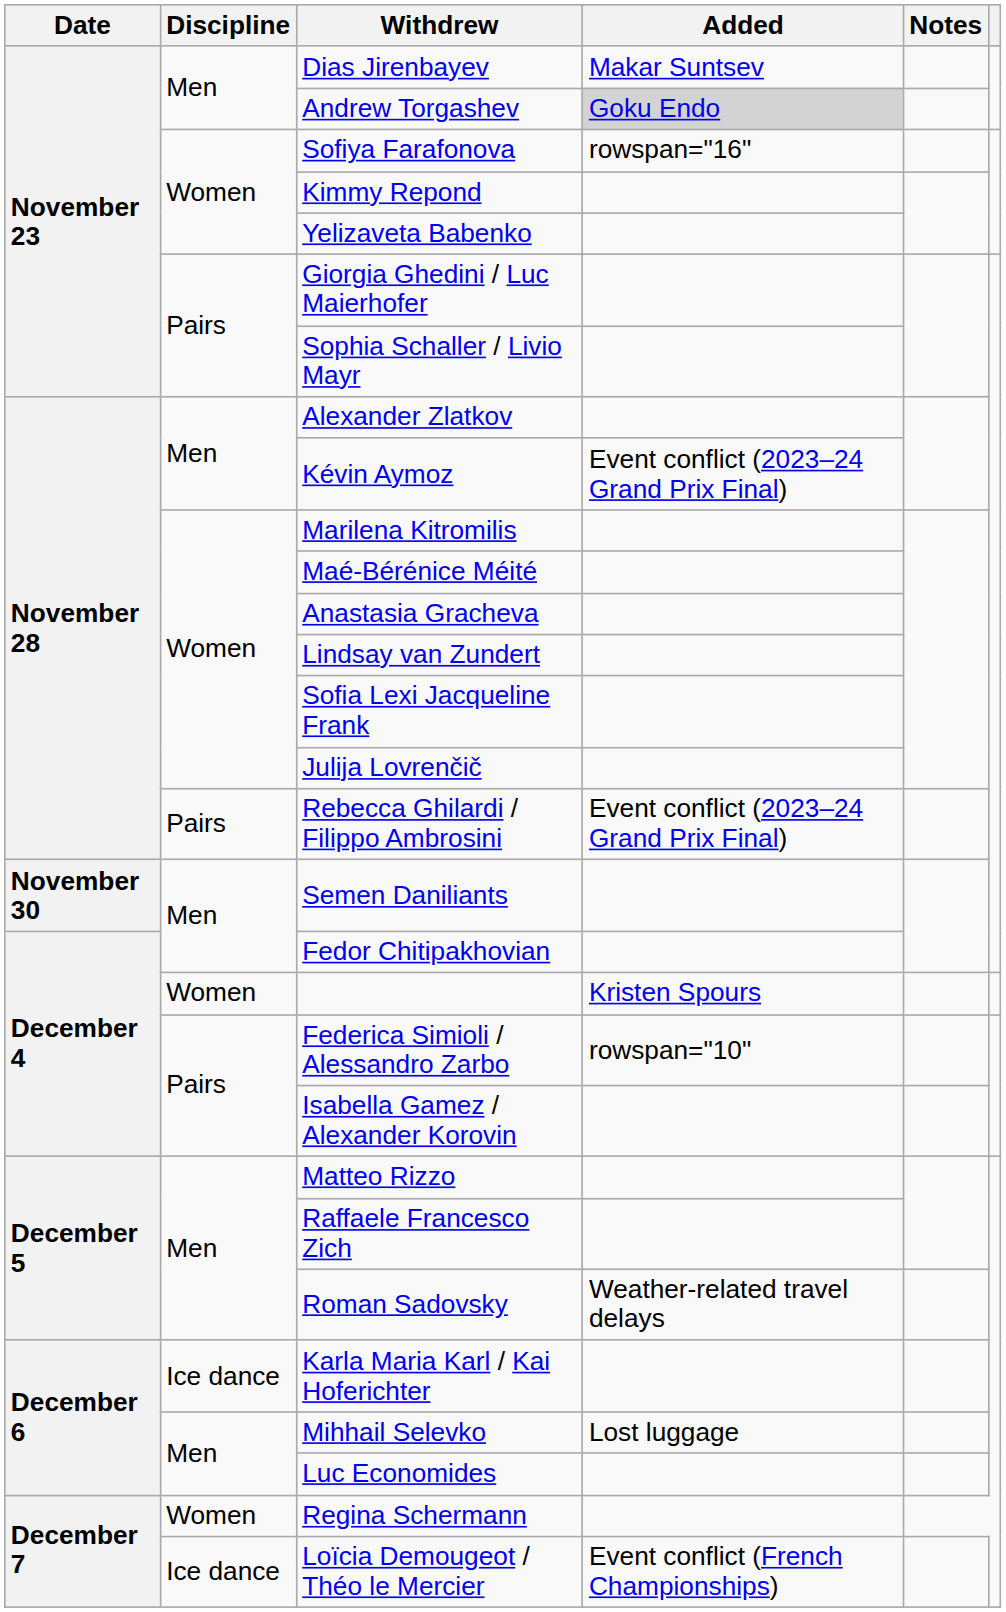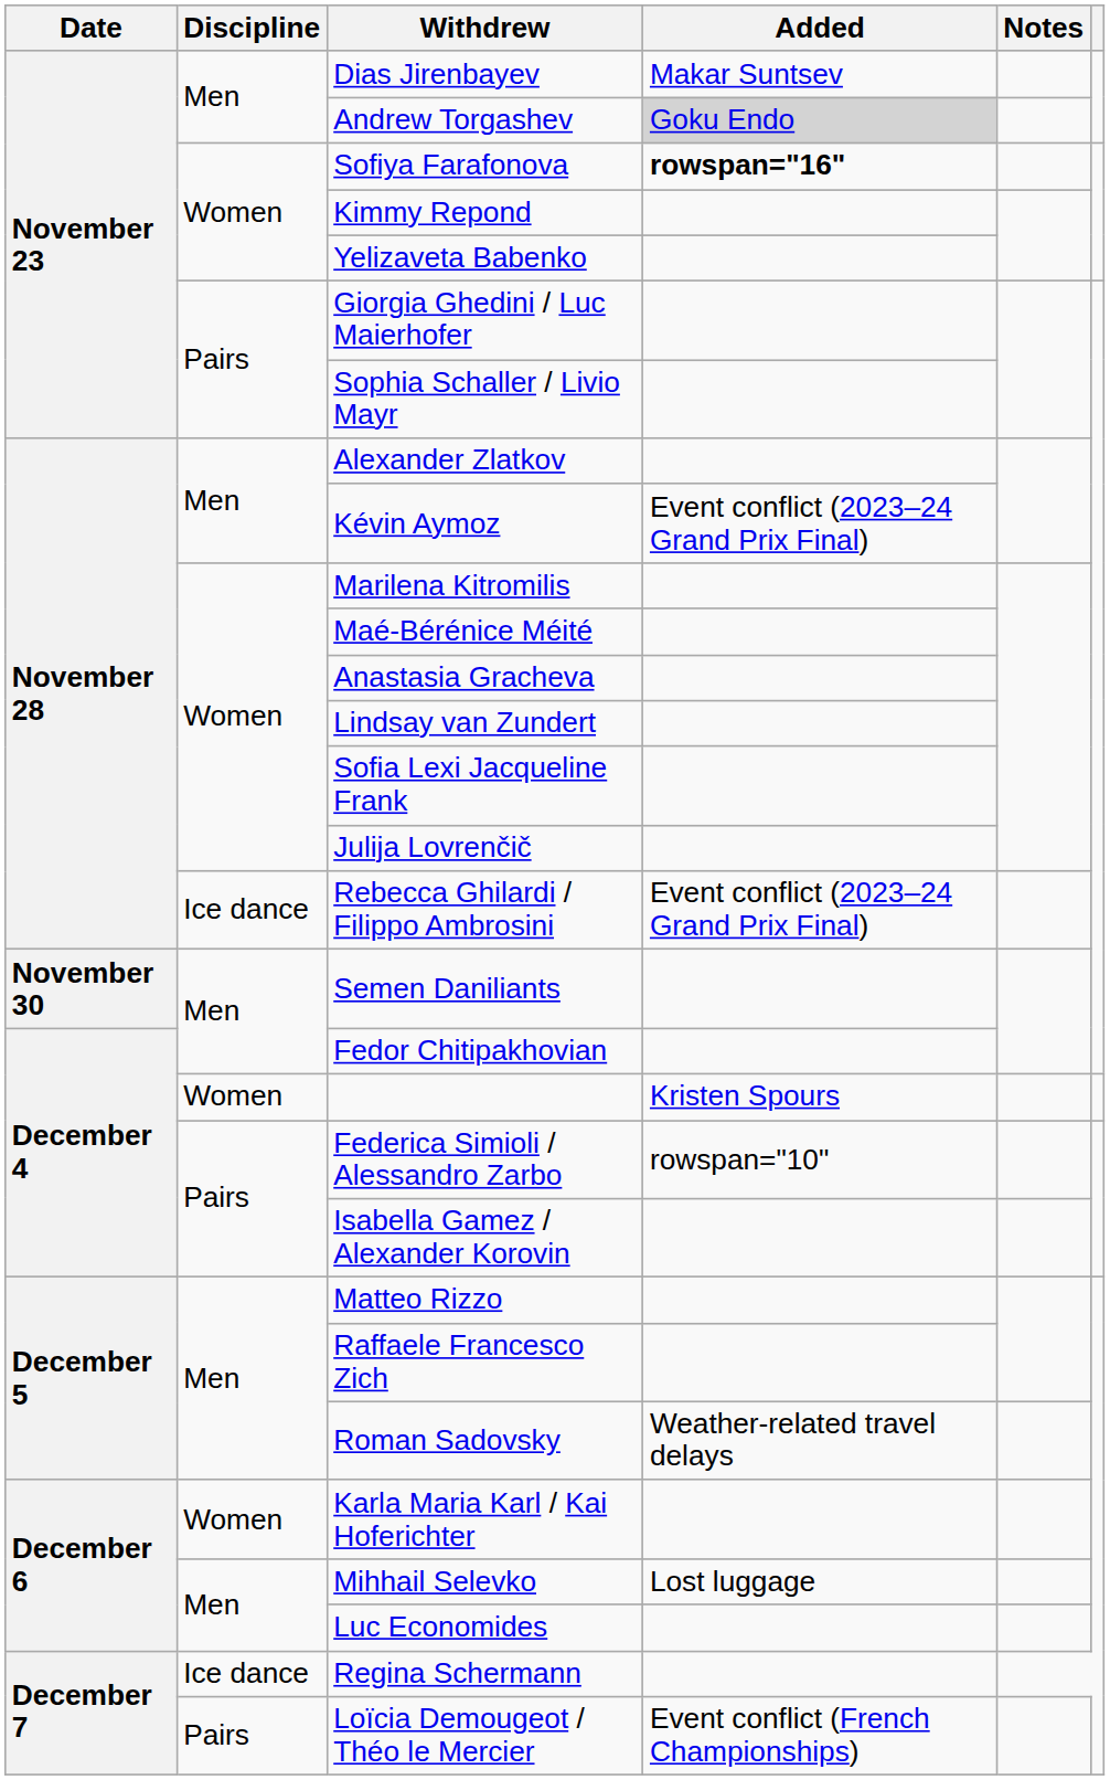 <table class="wikitable unsortable">
 <tr>
 <th scope="col">Date</th>
 <th scope="col">Discipline</th>
 <th scope="col">Withdrew</th>
 <th scope="col">Added</th>
 <th scope="col">Notes</th>
 <th scope="col"></th>
 </tr>
 <tr>
 <th scope="row" style="text-align:left" rowspan="7">November 23</th>
 <td rowspan="2">Men</td>
 <td> <a href='#'>Dias Jirenbayev</a></td>
 <td> <a href='#'>Makar Suntsev</a></td>
 <td></td>
 <td rowspan="2"></td>
 </tr>
 <tr>
 <td> <a href='#'>Andrew Torgashev</a></td>
 <td style="background: lightgrey;"> <a href='#'>Goku Endo</a></td>
 <td></td>
 </tr>
 <tr>
 <td rowspan="3">Women</td>
 <td> <a href='#'>Sofiya Farafonova</a></td>
-<td>rowspan="16" </td>
+<td><strong>rowspan="16" </strong></td>
 <td></td>
 <td rowspan="3"></td>
 </tr>
 <tr>
 <td> <a href='#'>Kimmy Repond</a></td>
 <td></td>
 </tr>
 <tr>
 <td> <a href='#'>Yelizaveta Babenko</a></td>
 <td></td>
 </tr>
 <tr>
 <td rowspan="2">Pairs</td>
 <td> <a href='#'>Giorgia Ghedini</a> / <a href='#'>Luc Maierhofer</a></td>
 <td></td>
 <td rowspan="2"></td>
 </tr>
 <tr>
 <td> <a href='#'>Sophia Schaller</a> / <a href='#'>Livio Mayr</a></td>
 <td></td>
 </tr>
 <tr>
 <th scope="row" style="text-align:left" rowspan="9">November 28</th>
 <td rowspan="2">Men</td>
 <td> <a href='#'>Alexander Zlatkov</a></td>
 <td></td>
 <td rowspan="2"></td>
 </tr>
 <tr>
 <td> <a href='#'>Kévin Aymoz</a></td>
 <td>Event conflict (<a href='#'>2023–24 Grand Prix Final</a>)</td>
 </tr>
 <tr>
 <td rowspan="6">Women</td>
 <td> <a href='#'>Marilena Kitromilis</a></td>
 <td></td>
 <td rowspan="6"></td>
 </tr>
 <tr>
 <td> <a href='#'>Maé-Bérénice Méité</a></td>
 <td></td>
 </tr>
 <tr>
 <td> <a href='#'>Anastasia Gracheva</a></td>
 <td></td>
 </tr>
 <tr>
 <td> <a href='#'>Lindsay van Zundert</a></td>
 <td></td>
 </tr>
 <tr>
 <td> <a href='#'>Sofia Lexi Jacqueline Frank</a></td>
 <td></td>
 </tr>
 <tr>
 <td> <a href='#'>Julija Lovrenčič</a></td>
 <td></td>
 </tr>
 <tr>
-<td>Pairs</td>
+<td>Ice dance</td>
 <td> <a href='#'>Rebecca Ghilardi</a> / <a href='#'>Filippo Ambrosini</a></td>
 <td>Event conflict (<a href='#'>2023–24 Grand Prix Final</a>)</td>
 <td></td>
 </tr>
 <tr>
 <th scope="row" style="text-align:left">November 30</th>
 <td rowspan="2">Men</td>
 <td> <a href='#'>Semen Daniliants</a></td>
 <td></td>
 <td rowspan="2"></td>
 </tr>
 <tr>
 <th scope="row" style="text-align:left" rowspan="4">December 4</th>
 <td> <a href='#'>Fedor Chitipakhovian</a></td>
 <td></td>
 </tr>
 <tr>
 <td>Women</td>
 <td></td>
 <td> <a href='#'>Kristen Spours</a></td>
 <td></td>
 <td></td>
 </tr>
 <tr>
 <td rowspan="2">Pairs</td>
 <td> <a href='#'>Federica Simioli</a> / <a href='#'>Alessandro Zarbo</a></td>
 <td>rowspan="10" </td>
 <td></td>
 <td rowspan="2"></td>
 </tr>
 <tr>
 <td> <a href='#'>Isabella Gamez</a> / <a href='#'>Alexander Korovin</a></td>
 <td></td>
 </tr>
 <tr>
 <th rowspan="3" scope="row" style="text-align:left">December 5</th>
 <td rowspan="3">Men</td>
 <td> <a href='#'>Matteo Rizzo</a></td>
 <td></td>
 <td rowspan="2"></td>
 </tr>
 <tr>
 <td> <a href='#'>Raffaele Francesco Zich</a></td>
 <td></td>
 </tr>
 <tr>
 <td> <a href='#'>Roman Sadovsky</a></td>
 <td>Weather-related travel delays</td>
 <td></td>
 </tr>
 <tr>
 <th rowspan="3" scope="row" style="text-align:left">December 6</th>
-<td>Ice dance</td>
+<td>Women</td>
 <td> <a href='#'>Karla Maria Karl</a> / <a href='#'>Kai Hoferichter</a></td>
 <td></td>
 <td></td>
 </tr>
 <tr>
 <td rowspan="2">Men</td>
 <td> <a href='#'>Mihhail Selevko</a></td>
 <td>Lost luggage</td>
 <td></td>
 </tr>
 <tr>
 <td> <a href='#'>Luc Economides</a></td>
 <td></td>
 <td></td>
 </tr>
 <tr>
 <th rowspan="2" scope="row" style="text-align:left">December 7</th>
-<td>Women</td>
+<td>Ice dance</td>
 <td> <a href='#'>Regina Schermann</a></td>
 <td></td>
 </tr>
 <tr>
-<td>Ice dance</td>
+<td>Pairs</td>
 <td> <a href='#'>Loïcia Demougeot</a> / <a href='#'>Théo le Mercier</a></td>
 <td>Event conflict (<a href='#'>French Championships</a>)</td>
 <td></td>
 </tr>
 </table>
